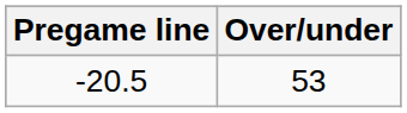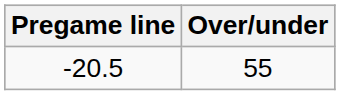 <table class="wikitable" style="margin-left: auto; margin-right: auto; border: none; display: inline-table;">
 <tr align="center">
 <th style=>Pregame line</th>
 <th style=>Over/under</th>
 </tr>
 <tr align="center">
 <td>-20.5</td>
-<td>53</td>
+<td>55</td>
 </tr>
 </table>
